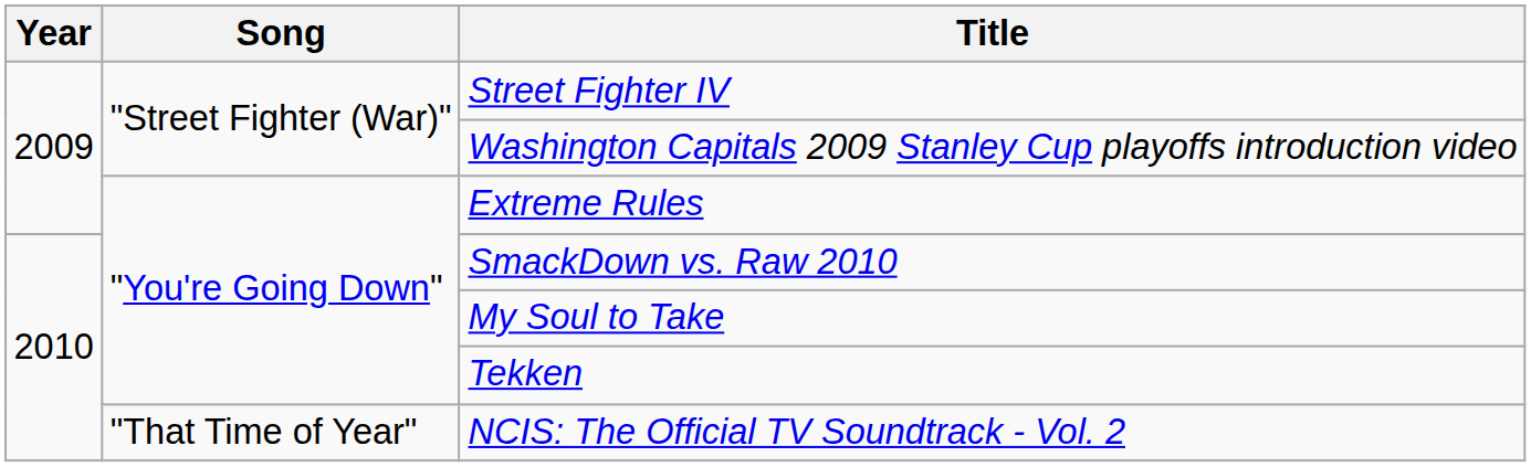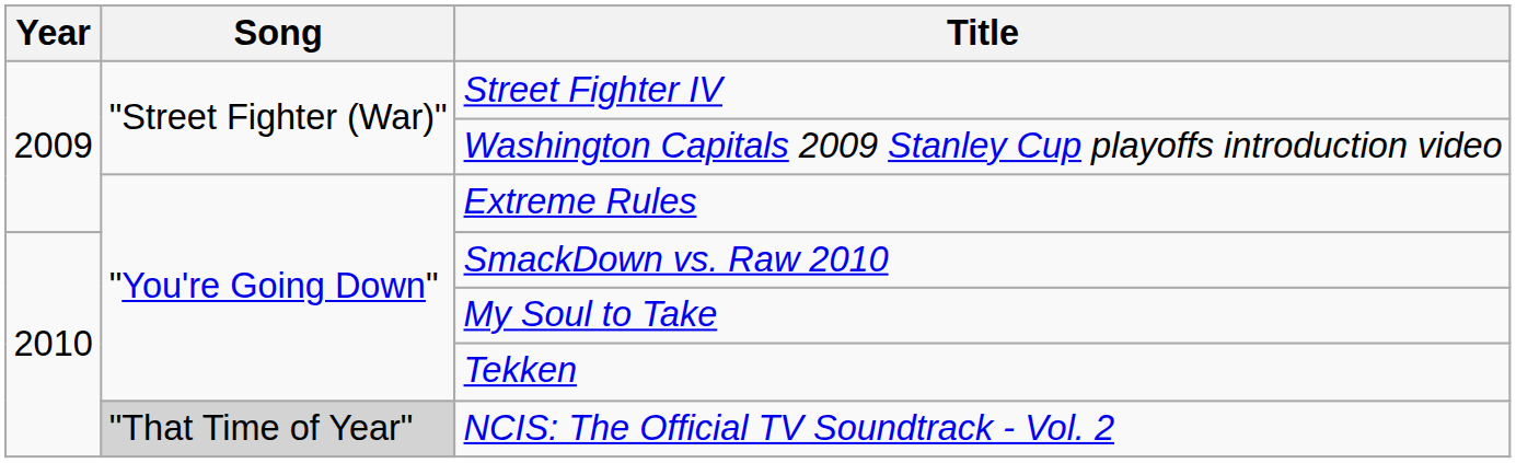 <table class="wikitable">
 <tr>
 <th>Year</th>
 <th>Song</th>
 <th>Title</th>
 </tr>
 <tr>
 <td rowspan="3">2009</td>
 <td rowspan="2">"Street Fighter (War)"</td>
 <td><em><a href='#'>Street Fighter IV</a></em></td>
 </tr>
 <tr>
 <td><em><a href='#'>Washington Capitals</a> 2009 <a href='#'>Stanley Cup</a> playoffs introduction video</em></td>
 </tr>
 <tr>
 <td rowspan="4">"<a href='#'>You're Going Down</a>"</td>
 <td><em><a href='#'>Extreme Rules</a></em></td>
 </tr>
 <tr>
 <td rowspan="4">2010</td>
 <td><em><a href='#'>SmackDown vs. Raw 2010</a></em></td>
 </tr>
 <tr>
 <td><em><a href='#'>My Soul to Take</a></em></td>
 </tr>
 <tr>
 <td><em><a href='#'>Tekken</a></em></td>
 </tr>
 <tr>
-<td>"That Time of Year"</td>
+<td style="background: lightgrey;">"That Time of Year"</td>
 <td><em><a href='#'>NCIS: The Official TV Soundtrack - Vol. 2</a></em></td>
 </tr>
 </table>
